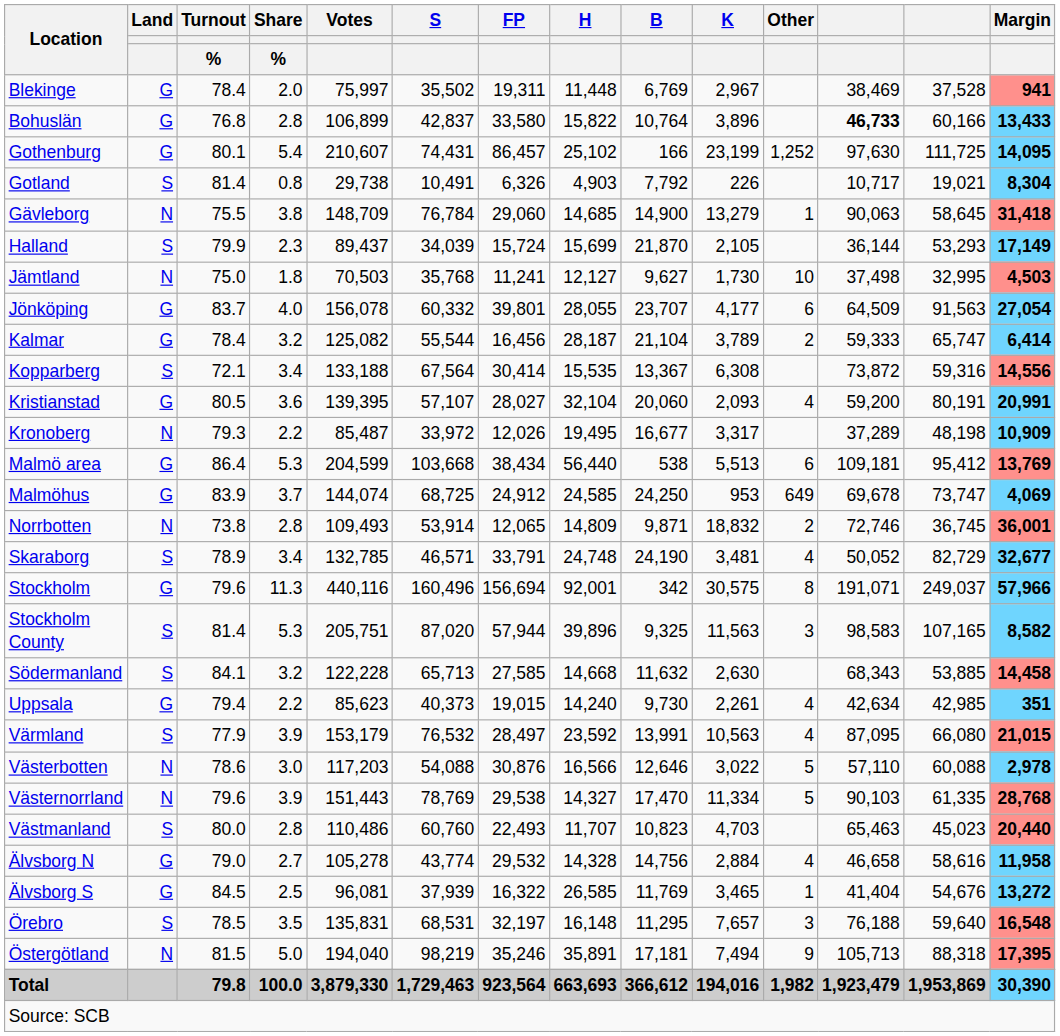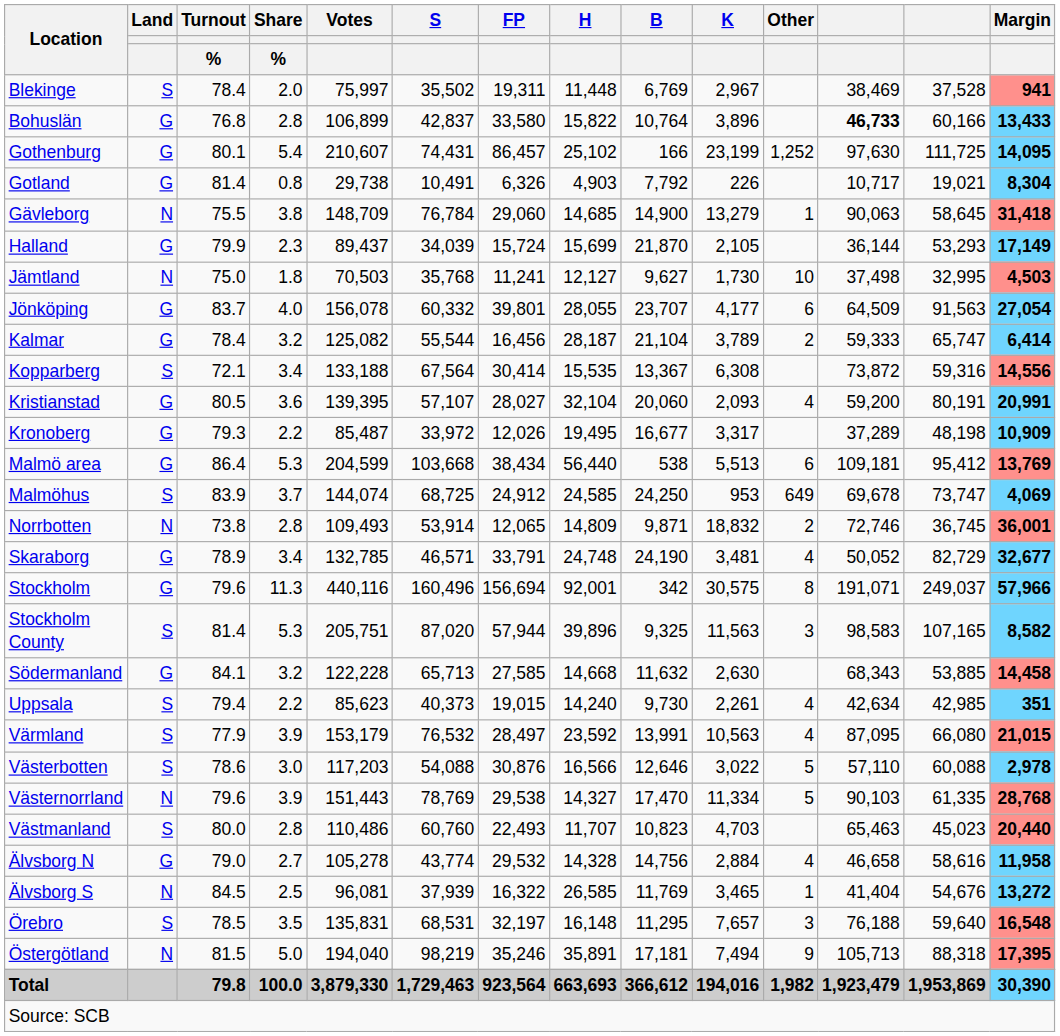 <table class="wikitable sortable" style="text-align:right; font-size:95%; line-height:20px;">
 <tr>
 <th rowspan="3">Location</th>
 <th>Land</th>
 <th>Turnout</th>
 <th>Share</th>
 <th>Votes</th>
 <th width="30px" class="unsortable"><a href='#'>S</a></th>
 <th width="30px" class="unsortable"><a href='#'>FP</a></th>
 <th width="30px" class="unsortable"><a href='#'>H</a></th>
 <th width="30px" class="unsortable"><a href='#'>B</a></th>
 <th width="30px" class="unsortable"><a href='#'>K</a></th>
 <th width="30px" class="unsortable">Other</th>
 <th></th>
 <th></th>
 <th>Margin</th>
 </tr>
 <tr>
 <th></th>
 <th></th>
 <th></th>
 <th></th>
 <th style="background:"></th>
 <th style="background:"></th>
 <th style="background:"></th>
 <th style="background:"></th>
 <th style="background:"></th>
 <th style="background:"></th>
 <th style="background:"></th>
 <th style="background:"></th>
 <th></th>
 </tr>
 <tr>
 <th></th>
 <th data-sort-type="number">%</th>
 <th data-sort-type="number">%</th>
 <th></th>
 <th></th>
 <th data-sort-type="number"></th>
 <th data-sort-type="number"></th>
 <th data-sort-type="number"></th>
 <th data-sort-type="number"></th>
 <th data-sort-type="number"></th>
 <th data-sort-type="number"></th>
 <th data-sort-type="number"></th>
 <th data-sort-type="number"></th>
 </tr>
 <tr>
 <td align=left><a href='#'>Blekinge</a></td>
-<td><a href='#'>G</a></td>
+<td><a href='#'>S</a></td>
 <td>78.4</td>
 <td>2.0</td>
 <td>75,997</td>
 <td>35,502</td>
 <td>19,311</td>
 <td>11,448</td>
 <td>6,769</td>
 <td>2,967</td>
 <td></td>
 <td>38,469</td>
 <td>37,528</td>
 <td bgcolor=#ff908c><strong>941</strong></td>
 </tr>
 <tr>
 <td align=left><a href='#'>Bohuslän</a></td>
 <td><a href='#'>G</a></td>
 <td>76.8</td>
 <td>2.8</td>
 <td>106,899</td>
 <td>42,837</td>
 <td>33,580</td>
 <td>15,822</td>
 <td>10,764</td>
 <td>3,896</td>
 <td></td>
 <td><strong>46,733</strong></td>
 <td>60,166</td>
 <td bgcolor=#6fd5fe><strong>13,433</strong></td>
 </tr>
 <tr>
 <td align=left><a href='#'>Gothenburg</a></td>
 <td><a href='#'>G</a></td>
 <td>80.1</td>
 <td>5.4</td>
 <td>210,607</td>
 <td>74,431</td>
 <td>86,457</td>
 <td>25,102</td>
 <td>166</td>
 <td>23,199</td>
 <td>1,252</td>
 <td>97,630</td>
 <td>111,725</td>
 <td bgcolor=#6fd5fe><strong>14,095</strong></td>
 </tr>
 <tr>
 <td align=left><a href='#'>Gotland</a></td>
-<td><a href='#'>S</a></td>
+<td><a href='#'>G</a></td>
 <td>81.4</td>
 <td>0.8</td>
 <td>29,738</td>
 <td>10,491</td>
 <td>6,326</td>
 <td>4,903</td>
 <td>7,792</td>
 <td>226</td>
 <td></td>
 <td>10,717</td>
 <td>19,021</td>
 <td bgcolor=#6fd5fe><strong>8,304</strong></td>
 </tr>
 <tr>
 <td align=left><a href='#'>Gävleborg</a></td>
 <td><a href='#'>N</a></td>
 <td>75.5</td>
 <td>3.8</td>
 <td>148,709</td>
 <td>76,784</td>
 <td>29,060</td>
 <td>14,685</td>
 <td>14,900</td>
 <td>13,279</td>
 <td>1</td>
 <td>90,063</td>
 <td>58,645</td>
 <td bgcolor=#ff908c><strong>31,418</strong></td>
 </tr>
 <tr>
 <td align=left><a href='#'>Halland</a></td>
-<td><a href='#'>S</a></td>
+<td><a href='#'>G</a></td>
 <td>79.9</td>
 <td>2.3</td>
 <td>89,437</td>
 <td>34,039</td>
 <td>15,724</td>
 <td>15,699</td>
 <td>21,870</td>
 <td>2,105</td>
 <td></td>
 <td>36,144</td>
 <td>53,293</td>
 <td bgcolor=#6fd5fe><strong>17,149</strong></td>
 </tr>
 <tr>
 <td align=left><a href='#'>Jämtland</a></td>
 <td><a href='#'>N</a></td>
 <td>75.0</td>
 <td>1.8</td>
 <td>70,503</td>
 <td>35,768</td>
 <td>11,241</td>
 <td>12,127</td>
 <td>9,627</td>
 <td>1,730</td>
 <td>10</td>
 <td>37,498</td>
 <td>32,995</td>
 <td bgcolor=#ff908c><strong>4,503</strong></td>
 </tr>
 <tr>
 <td align=left><a href='#'>Jönköping</a></td>
 <td><a href='#'>G</a></td>
 <td>83.7</td>
 <td>4.0</td>
 <td>156,078</td>
 <td>60,332</td>
 <td>39,801</td>
 <td>28,055</td>
 <td>23,707</td>
 <td>4,177</td>
 <td>6</td>
 <td>64,509</td>
 <td>91,563</td>
 <td bgcolor=#6fd5fe><strong>27,054</strong></td>
 </tr>
 <tr>
 <td align=left><a href='#'>Kalmar</a></td>
 <td><a href='#'>G</a></td>
 <td>78.4</td>
 <td>3.2</td>
 <td>125,082</td>
 <td>55,544</td>
 <td>16,456</td>
 <td>28,187</td>
 <td>21,104</td>
 <td>3,789</td>
 <td>2</td>
 <td>59,333</td>
 <td>65,747</td>
 <td bgcolor=#6fd5fe><strong>6,414</strong></td>
 </tr>
 <tr>
 <td align=left><a href='#'>Kopparberg</a></td>
 <td><a href='#'>S</a></td>
 <td>72.1</td>
 <td>3.4</td>
 <td>133,188</td>
 <td>67,564</td>
 <td>30,414</td>
 <td>15,535</td>
 <td>13,367</td>
 <td>6,308</td>
 <td></td>
 <td>73,872</td>
 <td>59,316</td>
 <td bgcolor=#ff908c><strong>14,556</strong></td>
 </tr>
 <tr>
 <td align=left><a href='#'>Kristianstad</a></td>
 <td><a href='#'>G</a></td>
 <td>80.5</td>
 <td>3.6</td>
 <td>139,395</td>
 <td>57,107</td>
 <td>28,027</td>
 <td>32,104</td>
 <td>20,060</td>
 <td>2,093</td>
 <td>4</td>
 <td>59,200</td>
 <td>80,191</td>
 <td bgcolor=#6fd5fe><strong>20,991</strong></td>
 </tr>
 <tr>
 <td align=left><a href='#'>Kronoberg</a></td>
-<td><a href='#'>N</a></td>
+<td><a href='#'>G</a></td>
 <td>79.3</td>
 <td>2.2</td>
 <td>85,487</td>
 <td>33,972</td>
 <td>12,026</td>
 <td>19,495</td>
 <td>16,677</td>
 <td>3,317</td>
 <td></td>
 <td>37,289</td>
 <td>48,198</td>
 <td bgcolor=#6fd5fe><strong>10,909</strong></td>
 </tr>
 <tr>
 <td align=left><a href='#'>Malmö area</a></td>
 <td><a href='#'>G</a></td>
 <td>86.4</td>
 <td>5.3</td>
 <td>204,599</td>
 <td>103,668</td>
 <td>38,434</td>
 <td>56,440</td>
 <td>538</td>
 <td>5,513</td>
 <td>6</td>
 <td>109,181</td>
 <td>95,412</td>
 <td bgcolor=#ff908c><strong>13,769</strong></td>
 </tr>
 <tr>
 <td align=left><a href='#'>Malmöhus</a></td>
-<td><a href='#'>G</a></td>
+<td><a href='#'>S</a></td>
 <td>83.9</td>
 <td>3.7</td>
 <td>144,074</td>
 <td>68,725</td>
 <td>24,912</td>
 <td>24,585</td>
 <td>24,250</td>
 <td>953</td>
 <td>649</td>
 <td>69,678</td>
 <td>73,747</td>
 <td bgcolor=#6fd5fe><strong>4,069</strong></td>
 </tr>
 <tr>
 <td align=left><a href='#'>Norrbotten</a></td>
 <td><a href='#'>N</a></td>
 <td>73.8</td>
 <td>2.8</td>
 <td>109,493</td>
 <td>53,914</td>
 <td>12,065</td>
 <td>14,809</td>
 <td>9,871</td>
 <td>18,832</td>
 <td>2</td>
 <td>72,746</td>
 <td>36,745</td>
 <td bgcolor=#ff908c><strong>36,001</strong></td>
 </tr>
 <tr>
 <td align=left><a href='#'>Skaraborg</a></td>
-<td><a href='#'>S</a></td>
+<td><a href='#'>G</a></td>
 <td>78.9</td>
 <td>3.4</td>
 <td>132,785</td>
 <td>46,571</td>
 <td>33,791</td>
 <td>24,748</td>
 <td>24,190</td>
 <td>3,481</td>
 <td>4</td>
 <td>50,052</td>
 <td>82,729</td>
 <td bgcolor=#6fd5fe><strong>32,677</strong></td>
 </tr>
 <tr>
 <td align=left><a href='#'>Stockholm</a></td>
 <td><a href='#'>G</a></td>
 <td>79.6</td>
 <td>11.3</td>
 <td>440,116</td>
 <td>160,496</td>
 <td>156,694</td>
 <td>92,001</td>
 <td>342</td>
 <td>30,575</td>
 <td>8</td>
 <td>191,071</td>
 <td>249,037</td>
 <td bgcolor=#6fd5fe><strong>57,966</strong></td>
 </tr>
 <tr>
 <td align=left><a href='#'>Stockholm County</a></td>
 <td><a href='#'>S</a></td>
 <td>81.4</td>
 <td>5.3</td>
 <td>205,751</td>
 <td>87,020</td>
 <td>57,944</td>
 <td>39,896</td>
 <td>9,325</td>
 <td>11,563</td>
 <td>3</td>
 <td>98,583</td>
 <td>107,165</td>
 <td bgcolor=#6fd5fe><strong>8,582</strong></td>
 </tr>
 <tr>
 <td align=left><a href='#'>Södermanland</a></td>
-<td><a href='#'>S</a></td>
+<td><a href='#'>G</a></td>
 <td>84.1</td>
 <td>3.2</td>
 <td>122,228</td>
 <td>65,713</td>
 <td>27,585</td>
 <td>14,668</td>
 <td>11,632</td>
 <td>2,630</td>
 <td></td>
 <td>68,343</td>
 <td>53,885</td>
 <td bgcolor=#ff908c><strong>14,458</strong></td>
 </tr>
 <tr>
 <td align=left><a href='#'>Uppsala</a></td>
-<td><a href='#'>G</a></td>
+<td><a href='#'>S</a></td>
 <td>79.4</td>
 <td>2.2</td>
 <td>85,623</td>
 <td>40,373</td>
 <td>19,015</td>
 <td>14,240</td>
 <td>9,730</td>
 <td>2,261</td>
 <td>4</td>
 <td>42,634</td>
 <td>42,985</td>
 <td bgcolor=#6fd5fe><strong>351</strong></td>
 </tr>
 <tr>
 <td align=left><a href='#'>Värmland</a></td>
 <td><a href='#'>S</a></td>
 <td>77.9</td>
 <td>3.9</td>
 <td>153,179</td>
 <td>76,532</td>
 <td>28,497</td>
 <td>23,592</td>
 <td>13,991</td>
 <td>10,563</td>
 <td>4</td>
 <td>87,095</td>
 <td>66,080</td>
 <td bgcolor=#ff908c><strong>21,015</strong></td>
 </tr>
 <tr>
 <td align=left><a href='#'>Västerbotten</a></td>
-<td><a href='#'>N</a></td>
+<td><a href='#'>S</a></td>
 <td>78.6</td>
 <td>3.0</td>
 <td>117,203</td>
 <td>54,088</td>
 <td>30,876</td>
 <td>16,566</td>
 <td>12,646</td>
 <td>3,022</td>
 <td>5</td>
 <td>57,110</td>
 <td>60,088</td>
 <td bgcolor=#6fd5fe><strong>2,978</strong></td>
 </tr>
 <tr>
 <td align=left><a href='#'>Västernorrland</a></td>
 <td><a href='#'>N</a></td>
 <td>79.6</td>
 <td>3.9</td>
 <td>151,443</td>
 <td>78,769</td>
 <td>29,538</td>
 <td>14,327</td>
 <td>17,470</td>
 <td>11,334</td>
 <td>5</td>
 <td>90,103</td>
 <td>61,335</td>
 <td bgcolor=#ff908c><strong>28,768</strong></td>
 </tr>
 <tr>
 <td align=left><a href='#'>Västmanland</a></td>
 <td><a href='#'>S</a></td>
 <td>80.0</td>
 <td>2.8</td>
 <td>110,486</td>
 <td>60,760</td>
 <td>22,493</td>
 <td>11,707</td>
 <td>10,823</td>
 <td>4,703</td>
 <td></td>
 <td>65,463</td>
 <td>45,023</td>
 <td bgcolor=#ff908c><strong>20,440</strong></td>
 </tr>
 <tr>
 <td align=left><a href='#'>Älvsborg N</a></td>
 <td><a href='#'>G</a></td>
 <td>79.0</td>
 <td>2.7</td>
 <td>105,278</td>
 <td>43,774</td>
 <td>29,532</td>
 <td>14,328</td>
 <td>14,756</td>
 <td>2,884</td>
 <td>4</td>
 <td>46,658</td>
 <td>58,616</td>
 <td bgcolor=#6fd5fe><strong>11,958</strong></td>
 </tr>
 <tr>
 <td align=left><a href='#'>Älvsborg S</a></td>
-<td><a href='#'>G</a></td>
+<td><a href='#'>N</a></td>
 <td>84.5</td>
 <td>2.5</td>
 <td>96,081</td>
 <td>37,939</td>
 <td>16,322</td>
 <td>26,585</td>
 <td>11,769</td>
 <td>3,465</td>
 <td>1</td>
 <td>41,404</td>
 <td>54,676</td>
 <td bgcolor=#6fd5fe><strong>13,272</strong></td>
 </tr>
 <tr>
 <td align=left><a href='#'>Örebro</a></td>
 <td><a href='#'>S</a></td>
 <td>78.5</td>
 <td>3.5</td>
 <td>135,831</td>
 <td>68,531</td>
 <td>32,197</td>
 <td>16,148</td>
 <td>11,295</td>
 <td>7,657</td>
 <td>3</td>
 <td>76,188</td>
 <td>59,640</td>
 <td bgcolor=#ff908c><strong>16,548</strong></td>
 </tr>
 <tr>
 <td align=left><a href='#'>Östergötland</a></td>
 <td><a href='#'>N</a></td>
 <td>81.5</td>
 <td>5.0</td>
 <td>194,040</td>
 <td>98,219</td>
 <td>35,246</td>
 <td>35,891</td>
 <td>17,181</td>
 <td>7,494</td>
 <td>9</td>
 <td>105,713</td>
 <td>88,318</td>
 <td bgcolor=#ff908c><strong>17,395</strong></td>
 </tr>
 <tr>
 </tr>
 <tr style="background:#CDCDCD;">
 <td align=left><strong>Total</strong></td>
 <td></td>
 <td><strong>79.8</strong></td>
 <td><strong>100.0</strong></td>
 <td><strong>3,879,330</strong></td>
 <td><strong>1,729,463</strong></td>
 <td><strong>923,564</strong></td>
 <td><strong>663,693</strong></td>
 <td><strong>366,612</strong></td>
 <td><strong>194,016</strong></td>
 <td><strong>1,982</strong></td>
 <td><strong>1,923,479</strong></td>
 <td><strong>1,953,869</strong></td>
 <td bgcolor=#6fd5fe><strong>30,390</strong></td>
 </tr>
 <tr>
 <td align=left colspan=14>Source: SCB </td>
 </tr>
 </table>
